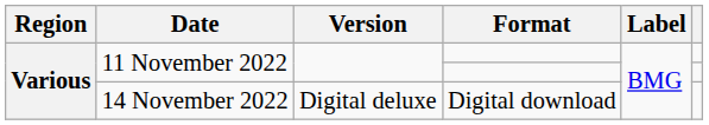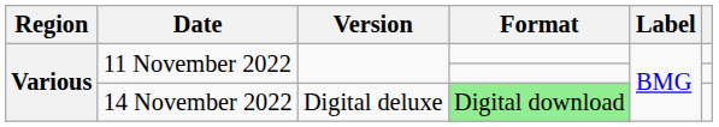 <table class="wikitable plainrowheaders">
 <tr>
 <th scope="col">Region</th>
 <th scope="col">Date</th>
 <th scope="col">Version</th>
 <th scope="col">Format</th>
 <th scope="col">Label</th>
 <th scope="col"></th>
 </tr>
 <tr>
 <th scope="row" rowspan="3">Various</th>
 <td rowspan="2">11 November 2022</td>
 <td rowspan="2"></td>
 <td></td>
 <td rowspan="3"><a href='#'>BMG</a></td>
 <td style="text-align:center;"></td>
 </tr>
 <tr>
 <td></td>
 <td></td>
 </tr>
 <tr>
 <td>14 November 2022</td>
 <td>Digital deluxe</td>
-<td>Digital download</td>
+<td style="background: lightgreen;">Digital download</td>
 <td></td>
 </tr>
 </table>
